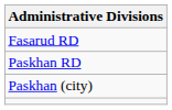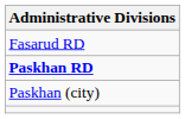 <table class="wikitable">
 <tr>
 <th>Administrative Divisions</th>
 </tr>
 <tr>
 <td><a href='#'>Fasarud RD</a></td>
 </tr>
 <tr>
-<td><a href='#'>Paskhan RD</a></td>
+<td><strong><a href='#'>Paskhan RD</a></strong></td>
 </tr>
 <tr>
 <td><a href='#'>Paskhan</a> (city)</td>
 </tr>
 <tr>
 <td colspan=1></td>
 </tr>
 </table>
